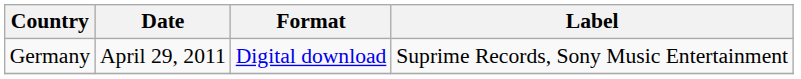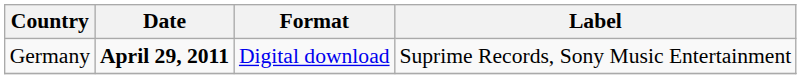 <table class=wikitable>
 <tr>
 <th scope="col">Country</th>
 <th scope="col">Date</th>
 <th scope="col">Format</th>
 <th scope="col">Label</th>
 </tr>
 <tr>
 <td>Germany</td>
-<td>April 29, 2011</td>
+<td><strong>April 29, 2011</strong></td>
 <td><a href='#'>Digital download</a></td>
 <td>Suprime Records, Sony Music Entertainment</td>
 </tr>
 <tr>
 </tr>
 </table>
